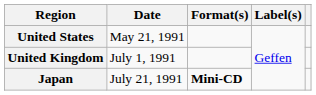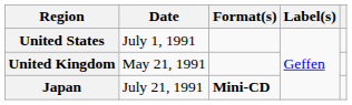 <table class="wikitable plainrowheaders">
 <tr>
 <th scope="col">Region</th>
 <th scope="col">Date</th>
 <th scope="col">Format(s)</th>
 <th scope="col">Label(s)</th>
 <th scope="col"></th>
 </tr>
 <tr>
 <th scope="row">United States</th>
-<td>May 21, 1991</td>
+<td>July 1, 1991</td>
 <td></td>
 <td rowspan="3"><a href='#'>Geffen</a></td>
 <td></td>
 </tr>
 <tr>
 <th scope="row">United Kingdom</th>
-<td>July 1, 1991</td>
+<td>May 21, 1991</td>
 <td></td>
 <td></td>
 </tr>
 <tr>
 <th scope="row">Japan</th>
 <td>July 21, 1991</td>
 <td><strong>Mini-CD</strong></td>
 <td></td>
 </tr>
 </table>
